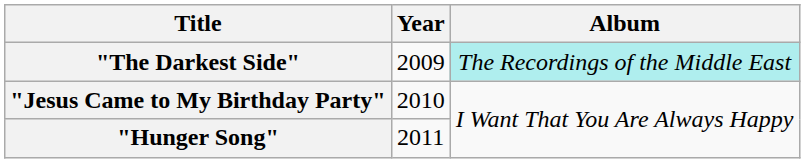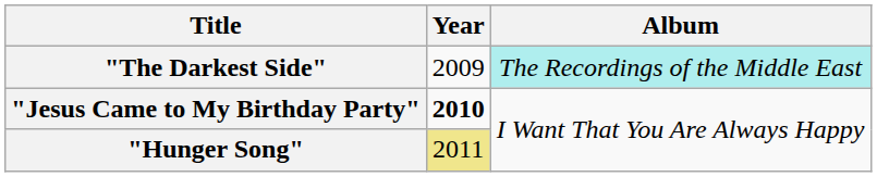 <table class="wikitable plainrowheaders" style="text-align:center;" border="1">
 <tr>
 <th>Title</th>
 <th>Year</th>
 <th>Album</th>
 </tr>
 <tr>
 <th scope="row">"The Darkest Side"</th>
 <td>2009</td>
 <td style="background: paleturquoise;"><em>The Recordings of the Middle East</em></td>
 </tr>
 <tr>
 <th scope="row">"Jesus Came to My Birthday Party"</th>
-<td>2010</td>
+<td><strong>2010</strong></td>
 <td rowspan="2"><em>I Want That You Are Always Happy</em></td>
 </tr>
 <tr>
 <th scope="row">"Hunger Song"</th>
-<td>2011</td>
+<td style="background: khaki;">2011</td>
 </tr>
 </table>
